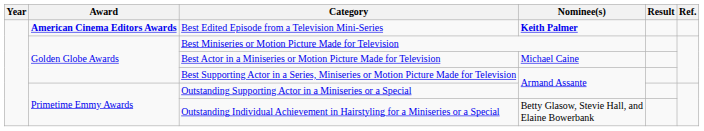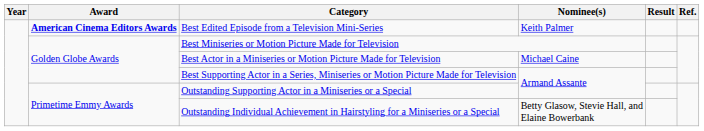 <table class="wikitable sortable">
 <tr>
 <th>Year</th>
 <th>Award</th>
 <th>Category</th>
 <th>Nominee(s)</th>
 <th>Result</th>
 <th>Ref.</th>
 </tr>
 <tr>
 <td rowspan="6"></td>
 <td><strong><a href='#'>American Cinema Editors Awards</a></strong></td>
 <td><a href='#'>Best Edited Episode from a Television Mini-Series</a></td>
-<td><strong><a href='#'>Keith Palmer</a> </strong></td>
+<td><a href='#'>Keith Palmer</a> </td>
 <td></td>
 <td align="center"></td>
 </tr>
 <tr>
 <td rowspan="3"><a href='#'>Golden Globe Awards</a></td>
 <td colspan="2"><a href='#'>Best Miniseries or Motion Picture Made for Television</a></td>
 <td></td>
 <td align="center" rowspan="3"></td>
 </tr>
 <tr>
 <td><a href='#'>Best Actor in a Miniseries or Motion Picture Made for Television</a></td>
 <td><a href='#'>Michael Caine</a></td>
 <td></td>
 </tr>
 <tr>
 <td><a href='#'>Best Supporting Actor in a Series, Miniseries or Motion Picture Made for Television</a></td>
 <td rowspan="2"><a href='#'>Armand Assante</a></td>
 <td></td>
 </tr>
 <tr>
 <td rowspan="2"><a href='#'>Primetime Emmy Awards</a></td>
 <td><a href='#'>Outstanding Supporting Actor in a Miniseries or a Special</a></td>
 <td></td>
 <td align="center" rowspan="2"></td>
 </tr>
 <tr>
 <td><a href='#'>Outstanding Individual Achievement in Hairstyling for a Miniseries or a Special</a></td>
 <td>Betty Glasow, Stevie Hall, and <br> Elaine Bowerbank </td>
 <td></td>
 </tr>
 </table>
